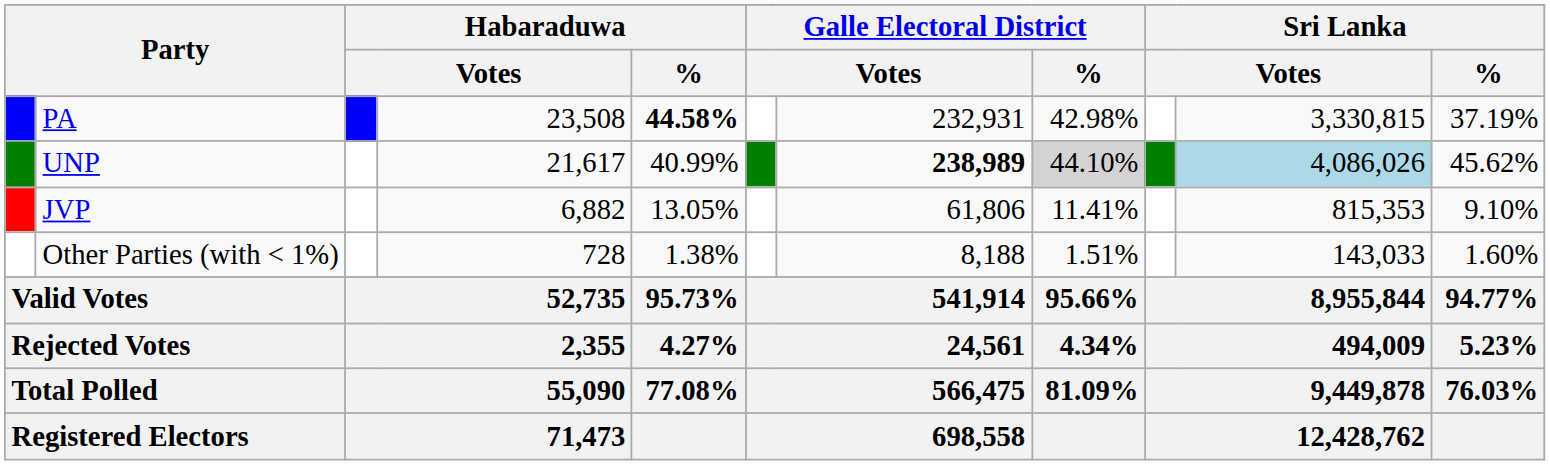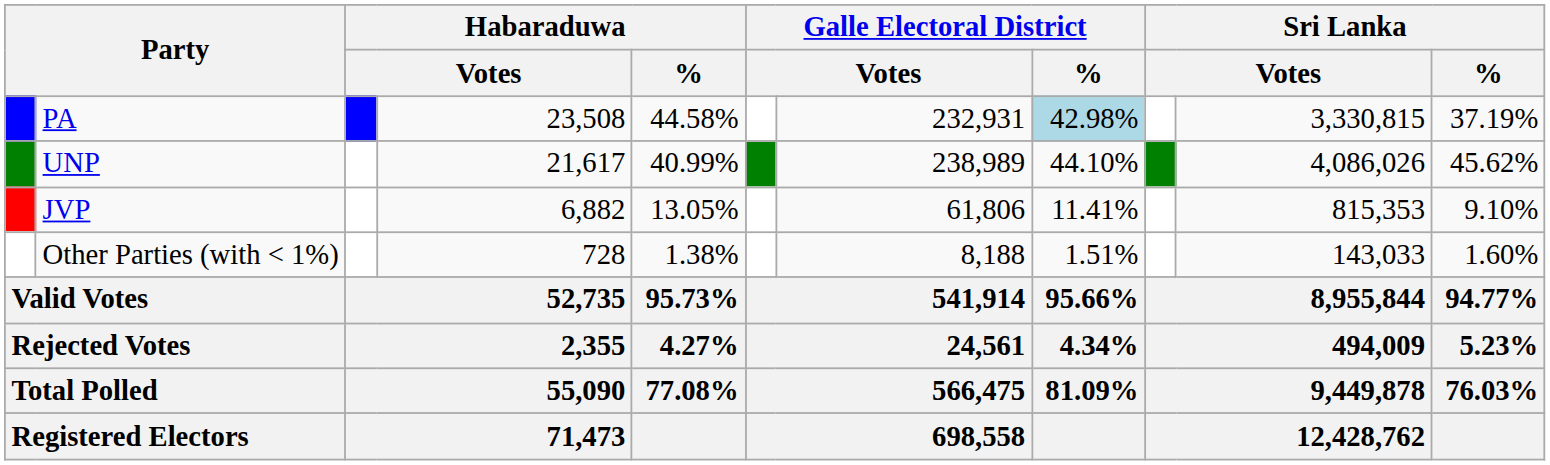 <table class="wikitable">
 <tr>
 <th colspan="2" width="144px"rowspan="2">Party</th>
 <th colspan="3" width="216px">Habaraduwa</th>
 <th colspan="3" width="216px"><a href='#'>Galle Electoral District</a></th>
 <th colspan="3" width="216px">Sri Lanka</th>
 </tr>
 <tr>
 <th colspan="2" width="144px">Votes</th>
 <th>%</th>
 <th colspan="2" width="144px">Votes</th>
 <th>%</th>
 <th colspan="2" width="144px">Votes</th>
 <th>%</th>
 </tr>
 <tr>
 <td style="background-color:blue;" width="10px"></td>
 <td style="text-align:left;"><a href='#'>PA</a></td>
 <td style="background-color:blue;" width="10px"></td>
 <td style="text-align:right;">23,508</td>
-<td style="text-align:right;"><strong>44.58%</strong></td>
+<td style="text-align:right;">44.58%</td>
 <td style="background-color:white;" width="10px"></td>
 <td style="text-align:right;">232,931</td>
-<td style="text-align:right;">42.98%</td>
+<td style="background: lightblue; text-align:right;">42.98%</td>
 <td style="background-color:white;" width="10px"></td>
 <td style="text-align:right;">3,330,815</td>
 <td style="text-align:right;">37.19%</td>
 </tr>
 <tr>
 <td style="background-color:green;" width="10px"></td>
 <td style="text-align:left;"><a href='#'>UNP</a></td>
 <td style="background-color:white;" width="10px"></td>
 <td style="text-align:right;">21,617</td>
 <td style="text-align:right;">40.99%</td>
 <td style="background-color:green;" width="10px"></td>
-<td style="text-align:right;"><strong>238,989</strong></td>
-<td style="background: lightgrey; text-align:right;">44.10%</td>
+<td style="text-align:right;">238,989</td>
+<td style="text-align:right;">44.10%</td>
 <td style="background-color:green;" width="10px"></td>
-<td style="background: lightblue; text-align:right;">4,086,026</td>
+<td style="text-align:right;">4,086,026</td>
 <td style="text-align:right;">45.62%</td>
 </tr>
 <tr>
 <td style="background-color:red;" width="10px"></td>
 <td style="text-align:left;"><a href='#'>JVP</a></td>
 <td style="background-color:white;" width="10px"></td>
 <td style="text-align:right;">6,882</td>
 <td style="text-align:right;">13.05%</td>
 <td style="background-color:white;" width="10px"></td>
 <td style="text-align:right;">61,806</td>
 <td style="text-align:right;">11.41%</td>
 <td style="background-color:white;" width="10px"></td>
 <td style="text-align:right;">815,353</td>
 <td style="text-align:right;">9.10%</td>
 </tr>
 <tr>
 <td style="background-color:white;" width="10px"></td>
 <td style="text-align:left;">Other Parties (with < 1%)</td>
 <td style="background-color:white;" width="10px"></td>
 <td style="text-align:right;">728</td>
 <td style="text-align:right;">1.38%</td>
 <td style="background-color:white;" width="10px"></td>
 <td style="text-align:right;">8,188</td>
 <td style="text-align:right;">1.51%</td>
 <td style="background-color:white;" width="10px"></td>
 <td style="text-align:right;">143,033</td>
 <td style="text-align:right;">1.60%</td>
 </tr>
 <tr>
 <th colspan="2" width="144px"style="text-align:left;">Valid Votes</th>
 <th style="text-align:right;"colspan="2" width="144px">52,735</th>
 <th style="text-align:right;">95.73%</th>
 <th style="text-align:right;"colspan="2" width="144px">541,914</th>
 <th style="text-align:right;">95.66%</th>
 <th style="text-align:right;"colspan="2" width="144px">8,955,844</th>
 <th style="text-align:right;">94.77%</th>
 </tr>
 <tr>
 <th colspan="2" width="144px"style="text-align:left;">Rejected Votes</th>
 <th style="text-align:right;"colspan="2" width="144px">2,355</th>
 <th style="text-align:right;">4.27%</th>
 <th style="text-align:right;"colspan="2" width="144px">24,561</th>
 <th style="text-align:right;">4.34%</th>
 <th style="text-align:right;"colspan="2" width="144px">494,009</th>
 <th style="text-align:right;">5.23%</th>
 </tr>
 <tr>
 <th colspan="2" width="144px"style="text-align:left;">Total Polled</th>
 <th style="text-align:right;"colspan="2" width="144px">55,090</th>
 <th style="text-align:right;">77.08%</th>
 <th style="text-align:right;"colspan="2" width="144px">566,475</th>
 <th style="text-align:right;">81.09%</th>
 <th style="text-align:right;"colspan="2" width="144px">9,449,878</th>
 <th style="text-align:right;">76.03%</th>
 </tr>
 <tr>
 <th colspan="2" width="144px"style="text-align:left;">Registered Electors</th>
 <th style="text-align:right;"colspan="2" width="144px">71,473</th>
 <th></th>
 <th style="text-align:right;"colspan="2" width="144px">698,558</th>
 <th></th>
 <th style="text-align:right;"colspan="2" width="144px">12,428,762</th>
 <th></th>
 </tr>
 </table>
